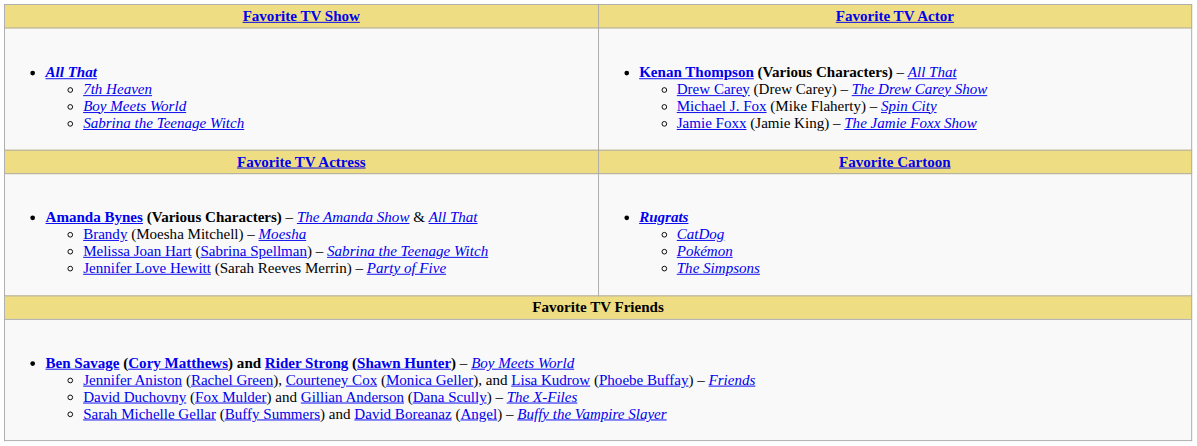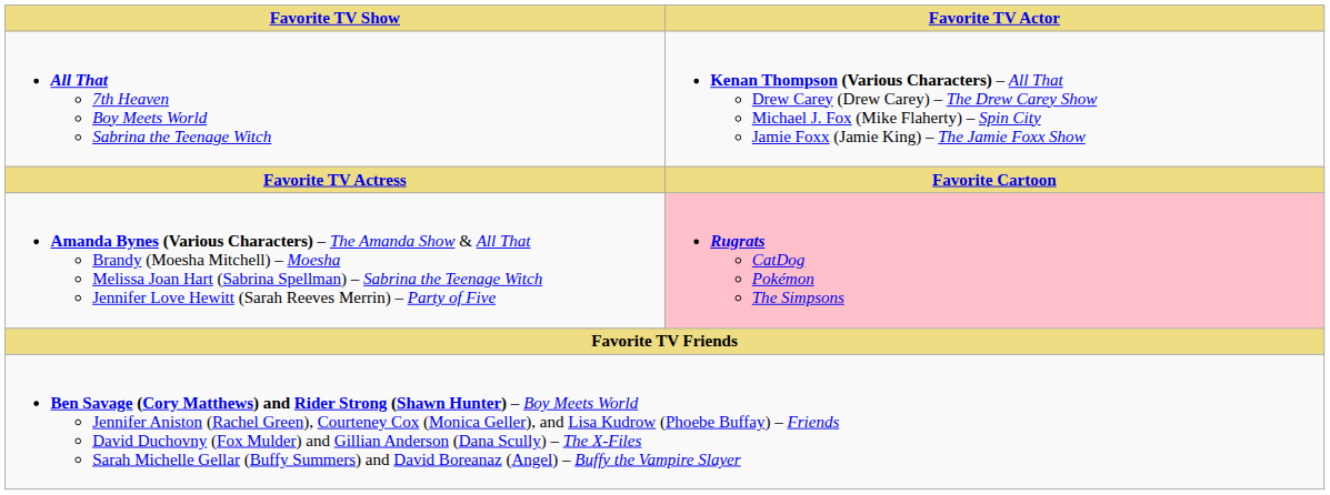 <table class="wikitable" style="width:100%">
 <tr>
 <th style="background:#EEDD82; width:50%"><a href='#'>Favorite TV Show</a></th>
 <th style="background:#EEDD82; width:50%"><a href='#'>Favorite TV Actor</a></th>
 </tr>
 <tr>
 <td valign="top"><br><ul><li><strong><em><a href='#'>All That</a></em></strong><ul><li><em><a href='#'>7th Heaven</a></em></li><li><em><a href='#'>Boy Meets World</a></em></li><li><em><a href='#'>Sabrina the Teenage Witch</a></em></li></ul></li></ul></td>
 <td valign="top"><br><ul><li><strong><a href='#'>Kenan Thompson</a> (Various Characters)</strong> – <em><a href='#'>All That</a></em><ul><li><a href='#'>Drew Carey</a> (Drew Carey) – <em><a href='#'>The Drew Carey Show</a></em></li><li><a href='#'>Michael J. Fox</a> (Mike Flaherty) – <em><a href='#'>Spin City</a></em></li><li><a href='#'>Jamie Foxx</a> (Jamie King) – <em><a href='#'>The Jamie Foxx Show</a></em></li></ul></li></ul></td>
 </tr>
 <tr>
 <th style="background:#EEDD82; width:50%"><a href='#'>Favorite TV Actress</a></th>
 <th style="background:#EEDD82; width:50%"><a href='#'>Favorite Cartoon</a></th>
 </tr>
 <tr>
 <td valign="top"><br><ul><li><strong><a href='#'>Amanda Bynes</a> (Various Characters)</strong> – <em><a href='#'>The Amanda Show</a></em> & <em><a href='#'>All That</a></em><ul><li><a href='#'>Brandy</a> (Moesha Mitchell) – <em><a href='#'>Moesha</a></em></li><li><a href='#'>Melissa Joan Hart</a> (<a href='#'>Sabrina Spellman</a>) – <em><a href='#'>Sabrina the Teenage Witch</a></em></li><li><a href='#'>Jennifer Love Hewitt</a> (Sarah Reeves Merrin) – <em><a href='#'>Party of Five</a></em></li></ul></li></ul></td>
-<td valign="top"><br><ul><li><strong><em><a href='#'>Rugrats</a></em></strong><ul><li><em><a href='#'>CatDog</a></em></li><li><em><a href='#'>Pokémon</a></em></li><li><em><a href='#'>The Simpsons</a></em></li></ul></li></ul></td>
+<td valign="top" style="background: pink;"><br><ul><li><strong><em><a href='#'>Rugrats</a></em></strong><ul><li><em><a href='#'>CatDog</a></em></li><li><em><a href='#'>Pokémon</a></em></li><li><em><a href='#'>The Simpsons</a></em></li></ul></li></ul></td>
 </tr>
 <tr>
 <th style="background:#EEDD82;" colspan="2">Favorite TV Friends</th>
 </tr>
 <tr>
 <td colspan="2" valign="top"><br><ul><li><strong><a href='#'>Ben Savage</a> (<a href='#'>Cory Matthews</a>) and <a href='#'>Rider Strong</a> (<a href='#'>Shawn Hunter</a>)</strong> – <em><a href='#'>Boy Meets World</a></em><ul><li><a href='#'>Jennifer Aniston</a> (<a href='#'>Rachel Green</a>), <a href='#'>Courteney Cox</a> (<a href='#'>Monica Geller</a>), and <a href='#'>Lisa Kudrow</a> (<a href='#'>Phoebe Buffay</a>) – <em><a href='#'>Friends</a></em></li><li><a href='#'>David Duchovny</a> (<a href='#'>Fox Mulder</a>) and <a href='#'>Gillian Anderson</a> (<a href='#'>Dana Scully</a>) – <em><a href='#'>The X-Files</a></em></li><li><a href='#'>Sarah Michelle Gellar</a> (<a href='#'>Buffy Summers</a>) and <a href='#'>David Boreanaz</a> (<a href='#'>Angel</a>) – <em><a href='#'>Buffy the Vampire Slayer</a></em></li></ul></li></ul></td>
 </tr>
 </table>
